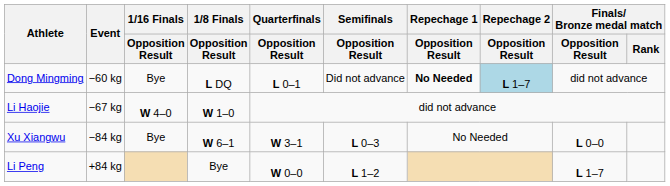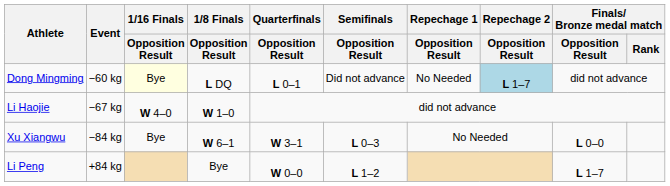 <table class=wikitable style="font-size:90%">
 <tr>
 <th rowspan=2>Athlete</th>
 <th rowspan=2>Event</th>
 <th>1/16 Finals</th>
 <th>1/8 Finals</th>
 <th>Quarterfinals</th>
 <th>Semifinals</th>
 <th>Repechage 1</th>
 <th>Repechage 2</th>
 <th colspan=2>Finals/<br>Bronze medal match</th>
 </tr>
 <tr>
 <th>Opposition<br>Result</th>
 <th>Opposition<br>Result</th>
 <th>Opposition<br>Result</th>
 <th>Opposition<br>Result</th>
 <th>Opposition<br>Result</th>
 <th>Opposition<br>Result</th>
 <th>Opposition<br>Result</th>
 <th>Rank</th>
 </tr>
 <tr>
 <td><a href='#'>Dong Mingming</a></td>
 <td>−60 kg</td>
-<td align=center>Bye</td>
+<td align=center style="background: lightyellow;">Bye</td>
 <td align=center><br><strong>L</strong> DQ</td>
 <td align=center><br><strong>L</strong> 0–1</td>
 <td align=center>Did not advance</td>
-<td align=center><strong>No Needed</strong></td>
+<td align=center>No Needed</td>
 <td align=center style="background: lightblue;"><br><strong>L</strong> 1–7</td>
 <td style="text-align:center;" colspan="2">did not advance</td>
 </tr>
 <tr>
 <td><a href='#'>Li Haojie</a></td>
 <td>−67 kg</td>
 <td align=center><br><strong>W</strong> 4–0</td>
 <td align=center><br><strong>W</strong> 1–0</td>
 <td style="text-align:center;" colspan="6">did not advance</td>
 </tr>
 <tr>
 <td><a href='#'>Xu Xiangwu</a></td>
 <td>−84 kg</td>
 <td align=center>Bye</td>
 <td align=center><br><strong>W</strong> 6–1</td>
 <td align=center><br><strong>W</strong> 3–1</td>
 <td align=center><br><strong>L</strong> 0–3</td>
 <td style="text-align:center;" colspan="2">No Needed</td>
 <td align=center><br><strong>L</strong> 0–0</td>
 <td align=center></td>
 </tr>
 <tr>
 <td><a href='#'>Li Peng</a></td>
 <td>+84 kg</td>
 <td style="background:wheat;"></td>
 <td align=center>Bye</td>
 <td align=center><br><strong>W</strong> 0–0</td>
 <td align=center><br><strong>L</strong> 1–2</td>
 <td style="background:wheat;" colspan="2"></td>
 <td align=center><br><strong>L</strong> 1–7</td>
 <td align=center></td>
 </tr>
 </table>
